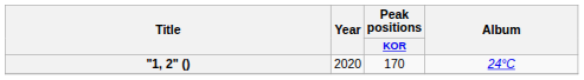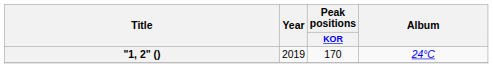 <table class="wikitable plainrowheaders" style="text-align:center">
 <tr>
 <th scope="col" rowspan="2" style="width:26em;">Title</th>
 <th scope="col" rowspan="2" style="width:2em;">Year</th>
 <th scope="col" colspan="1">Peak positions</th>
 <th scope="col" rowspan="2" style="width:12em;">Album</th>
 </tr>
 <tr>
 <th scope="col" style="width:2.5em;font-size:85%;"><a href='#'>KOR</a><br></th>
 </tr>
 <tr>
 <th scope="row">"1, 2" () </th>
-<td>2020</td>
+<td>2019</td>
 <td>170</td>
 <td><em><a href='#'>24°C</a></em></td>
 </tr>
 <tr>
 </tr>
 </table>
